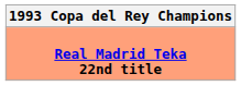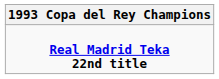 <table class=wikitable style="text-align:center; margin:auto">
 <tr>
 <th>1993 Copa del Rey Champions</th>
 </tr>
 <tr>
-<td style="background: lightsalmon;"><br> <strong><a href='#'>Real Madrid Teka</a></strong> <br> <strong>22nd title</strong></td>
+<td><br> <strong><a href='#'>Real Madrid Teka</a></strong> <br> <strong>22nd title</strong></td>
 </tr>
 </table>
